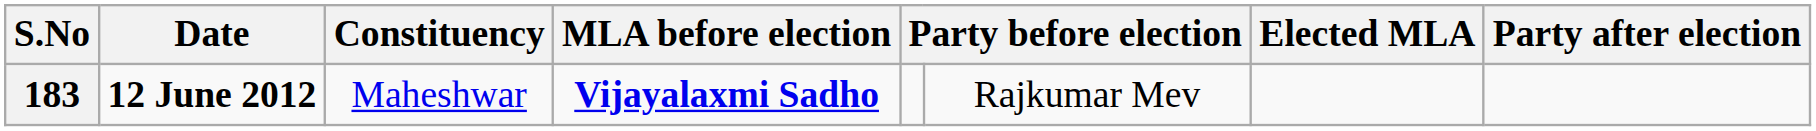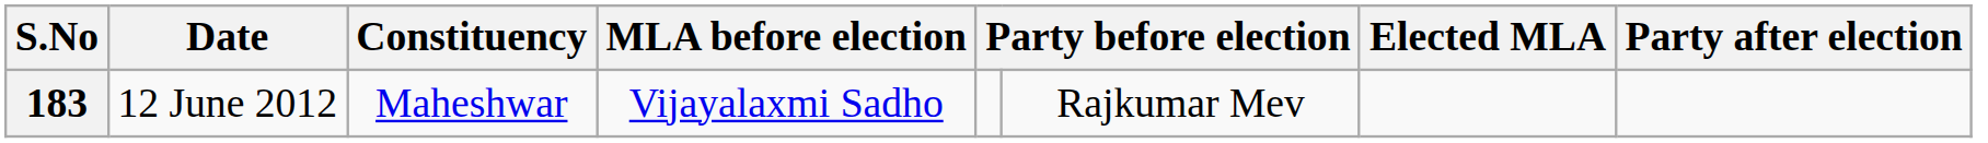 <table class="wikitable sortable" style="text-align:center;">
 <tr>
 <th>S.No</th>
 <th>Date</th>
 <th>Constituency</th>
 <th>MLA before election</th>
 <th colspan="2">Party before election</th>
 <th>Elected MLA</th>
 <th colspan="2">Party after election</th>
 </tr>
 <tr>
 <th>183</th>
-<td><strong>12 June 2012</strong></td>
+<td>12 June 2012</td>
 <td><a href='#'>Maheshwar</a></td>
-<td><strong><a href='#'>Vijayalaxmi Sadho</a></strong></td>
+<td><a href='#'>Vijayalaxmi Sadho</a></td>
 <td></td>
 <td>Rajkumar Mev</td>
 <td></td>
 </tr>
 </table>
